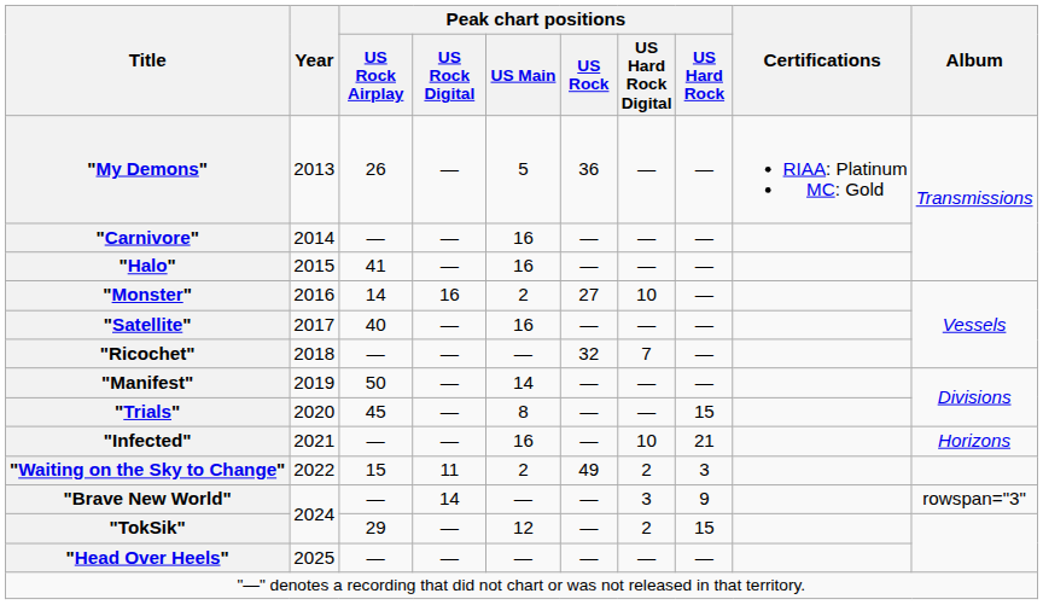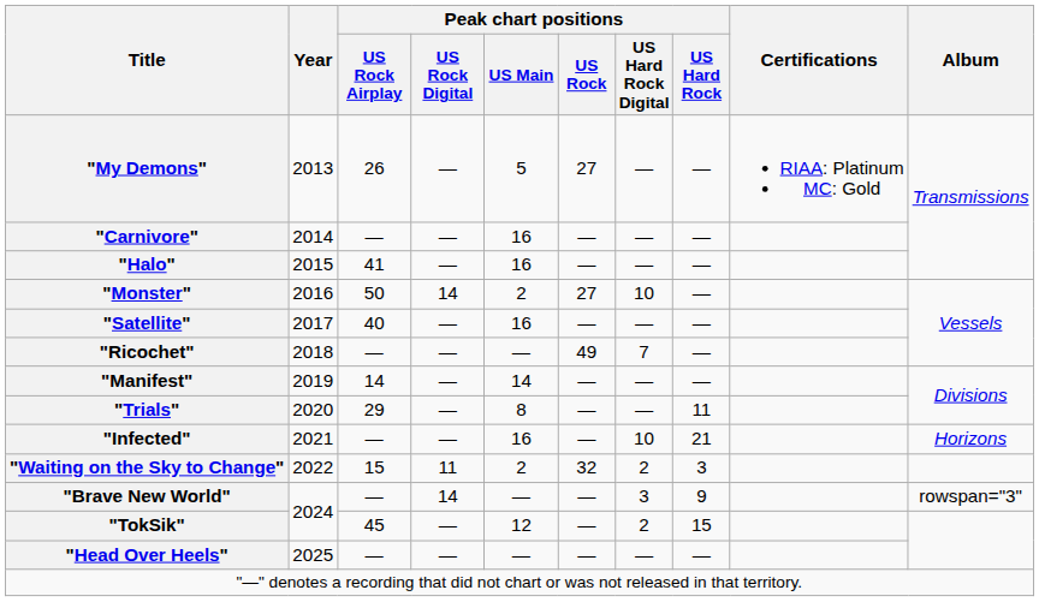 <table class="wikitable plainrowheaders" style="text-align:center;">
 <tr>
 <th scope="col" rowspan="2">Title</th>
 <th scope="col" rowspan="2">Year</th>
 <th scope="col" colspan="6">Peak chart positions</th>
 <th scope="col" rowspan="2">Certifications</th>
 <th scope="col" rowspan="2">Album</th>
 </tr>
 <tr>
 <th scope="col" style="width:4em;font-size:90%;"><a href='#'>US<br> Rock<br> Airplay</a><br></th>
 <th scope="col" style="width:4em;font-size:90%;"><a href='#'>US<br> Rock<br> Digital</a><br></th>
 <th scope="col" style="width:4em;font-size:90%;"><a href='#'>US Main</a><br></th>
 <th scope="col" style="width:3em;font-size:90%;"><a href='#'>US Rock</a><br></th>
 <th scope="col" style="width:3em;font-size:90%;">US Hard Rock Digital<br></th>
 <th scope="col" style="width:3em;font-size:90%;"><a href='#'>US Hard Rock</a><br></th>
 </tr>
 <tr>
 <th scope="row">"<a href='#'>My Demons</a>"</th>
 <td>2013</td>
 <td>26</td>
 <td>—</td>
 <td>5</td>
-<td>36</td>
+<td>27</td>
 <td>—</td>
 <td>—</td>
 <td><br><ul><li><a href='#'>RIAA</a>: Platinum</li><li><a href='#'>MC</a>: Gold</li></ul></td>
 <td rowspan="3"><em><a href='#'>Transmissions</a></em></td>
 </tr>
 <tr>
 <th scope="row">"<a href='#'>Carnivore</a>"</th>
 <td>2014</td>
 <td>—</td>
 <td>—</td>
 <td>16</td>
 <td>—</td>
 <td>—</td>
 <td>—</td>
 <td></td>
 </tr>
 <tr>
 <th scope="row">"<a href='#'>Halo</a>"</th>
 <td>2015</td>
 <td>41</td>
 <td>—</td>
 <td>16</td>
 <td>—</td>
 <td>—</td>
 <td>—</td>
 <td></td>
 </tr>
 <tr>
 <th scope="row">"<a href='#'>Monster</a>"</th>
 <td>2016</td>
+<td>50</td>
 <td>14</td>
-<td>16</td>
 <td>2</td>
 <td>27</td>
 <td>10</td>
 <td>—</td>
 <td></td>
 <td rowspan="3"><em><a href='#'>Vessels</a></em></td>
 </tr>
 <tr>
 <th scope="row">"<a href='#'>Satellite</a>"</th>
 <td>2017</td>
 <td>40</td>
 <td>—</td>
 <td>16</td>
 <td>—</td>
 <td>—</td>
 <td>—</td>
 <td></td>
 </tr>
 <tr>
 <th scope="row">"Ricochet"</th>
 <td>2018</td>
 <td>—</td>
 <td>—</td>
 <td>—</td>
-<td>32</td>
+<td>49</td>
 <td>7</td>
 <td>—</td>
 <td></td>
 </tr>
 <tr>
 <th scope="row">"Manifest"</th>
 <td>2019</td>
-<td>50</td>
+<td>14</td>
 <td>—</td>
 <td>14</td>
 <td>—</td>
 <td>—</td>
 <td>—</td>
 <td></td>
 <td rowspan="2"><em><a href='#'>Divisions</a></em></td>
 </tr>
 <tr>
 <th scope="row">"<a href='#'>Trials</a>"</th>
 <td>2020</td>
-<td>45</td>
+<td>29</td>
 <td>—</td>
 <td>8</td>
 <td>—</td>
 <td>—</td>
-<td>15</td>
+<td>11</td>
 <td></td>
 </tr>
 <tr>
 <th scope="row">"Infected"</th>
 <td>2021</td>
 <td>—</td>
 <td>—</td>
 <td>16</td>
 <td>—</td>
 <td>10</td>
 <td>21</td>
 <td></td>
 <td><em><a href='#'>Horizons</a></em></td>
 </tr>
 <tr>
 <th scope="row">"<a href='#'>Waiting on the Sky to Change</a>"<br></th>
 <td>2022</td>
 <td>15</td>
 <td>11</td>
 <td>2</td>
-<td>49</td>
+<td>32</td>
 <td>2</td>
 <td>3</td>
 <td></td>
 <td></td>
 </tr>
 <tr>
 <th scope="row">"Brave New World"</th>
 <td rowspan="2">2024</td>
 <td>—</td>
 <td>14</td>
 <td>—</td>
 <td>—</td>
 <td>3</td>
 <td>9</td>
 <td></td>
 <td>rowspan="3" </td>
 </tr>
 <tr>
 <th scope="row">"TokSik"</th>
-<td>29</td>
+<td>45</td>
 <td>—</td>
 <td>12</td>
 <td>—</td>
 <td>2</td>
 <td>15</td>
 <td></td>
 </tr>
 <tr>
 <th scope="row">"<a href='#'>Head Over Heels</a>"</th>
 <td>2025</td>
 <td>—</td>
 <td>—</td>
 <td>—</td>
 <td>—</td>
 <td>—</td>
 <td>—</td>
 <td></td>
 </tr>
 <tr>
 <td colspan="15" style="font-size:90%">"—" denotes a recording that did not chart or was not released in that territory.</td>
 </tr>
 </table>
